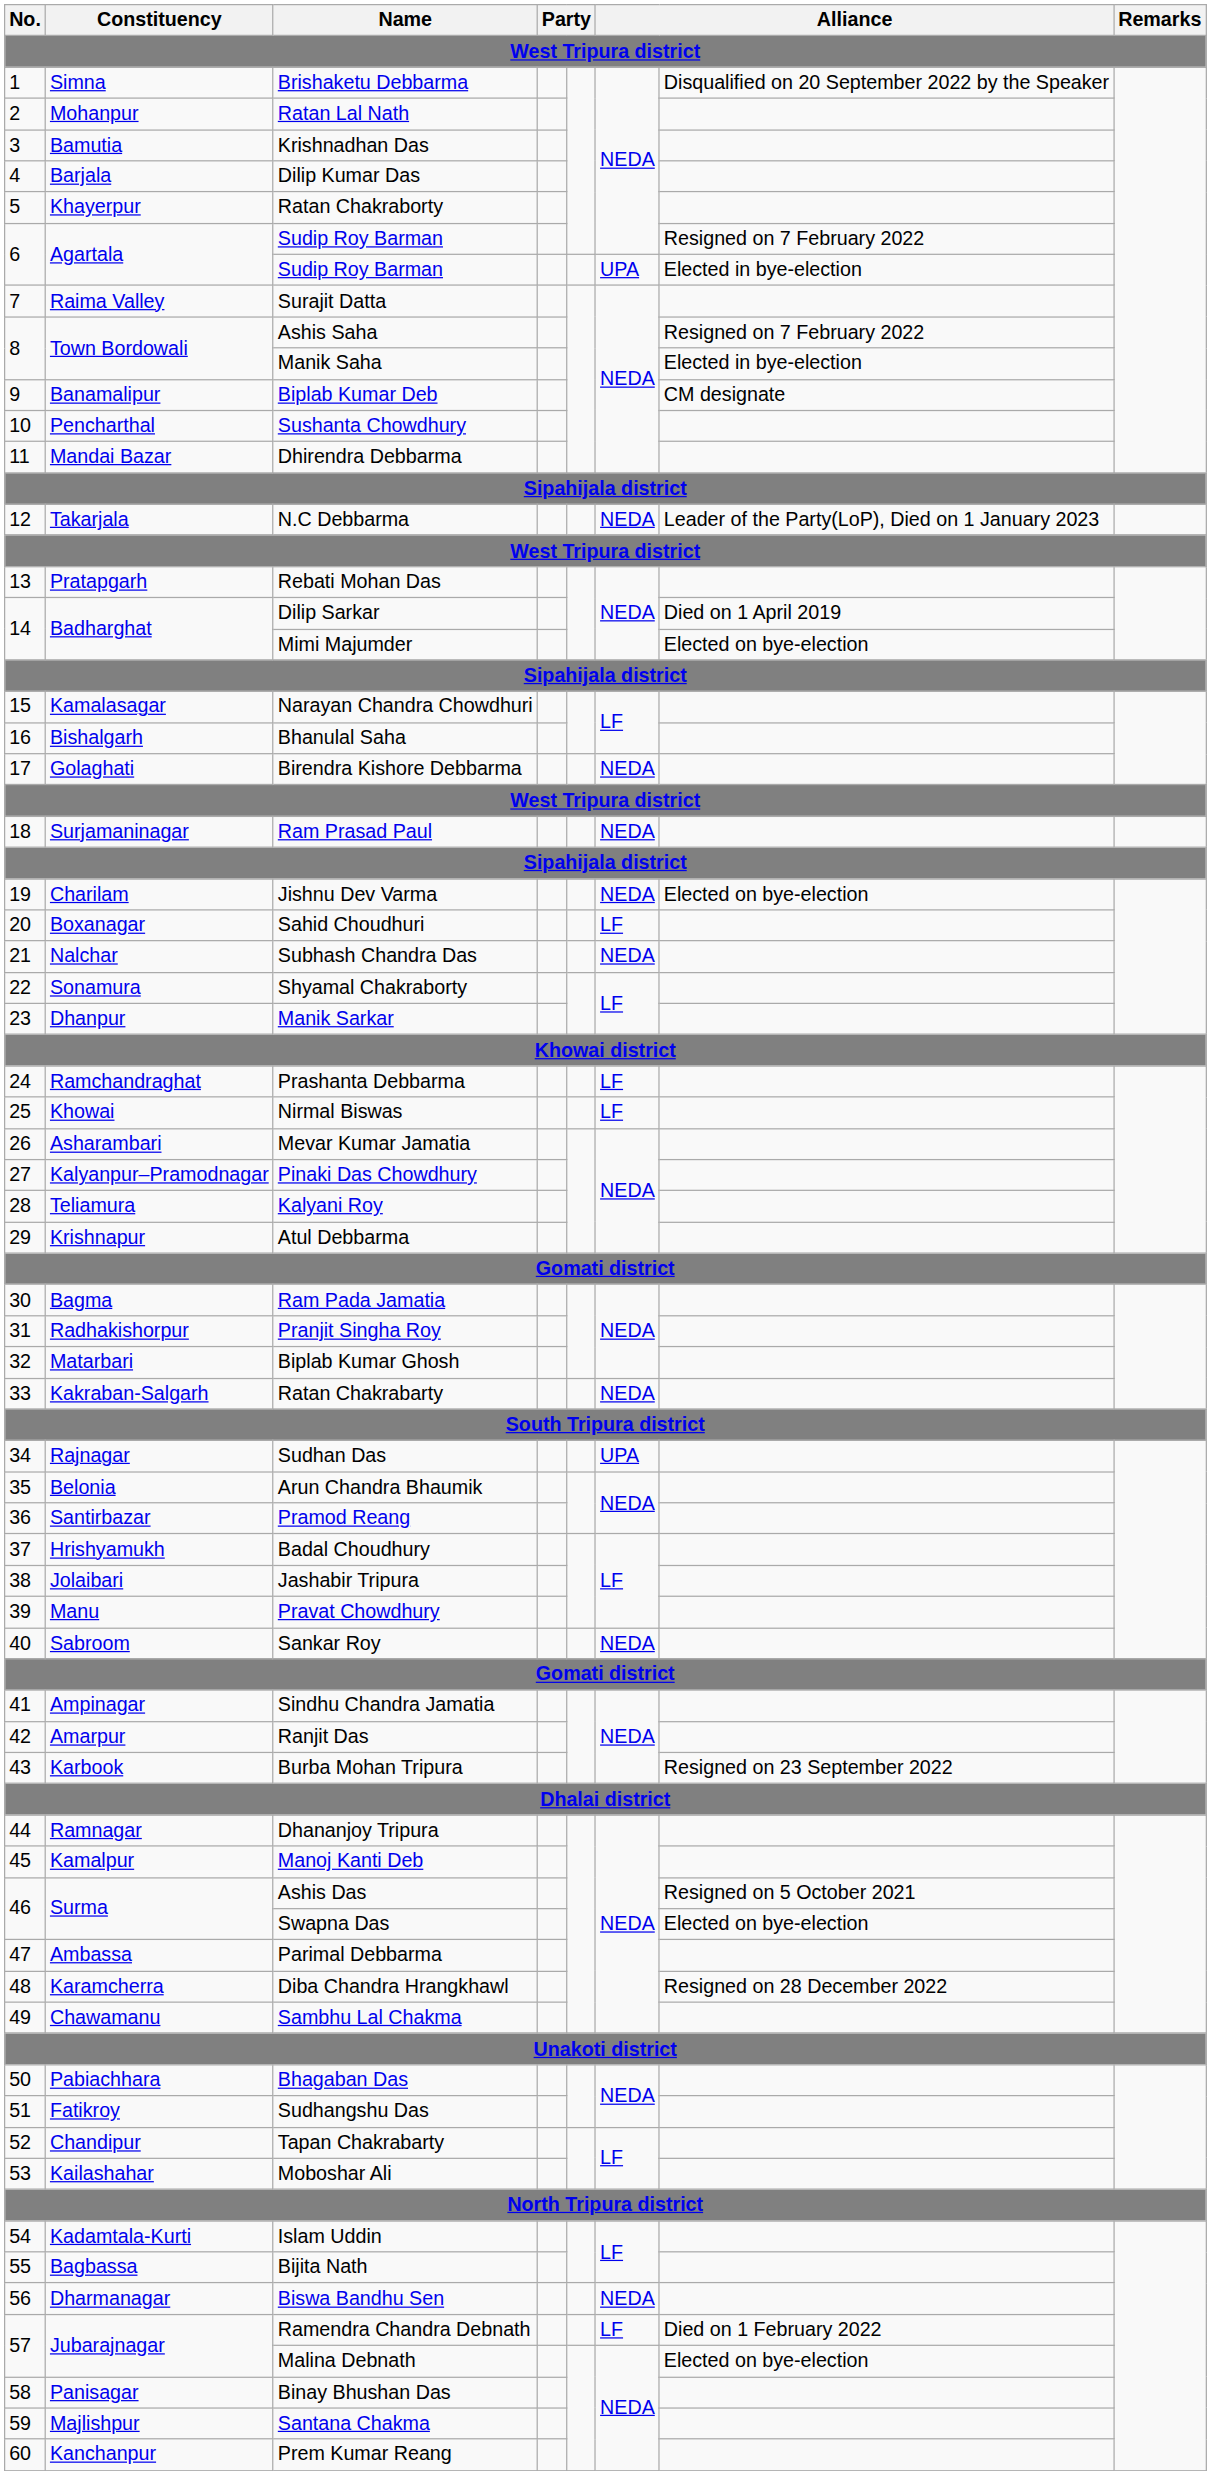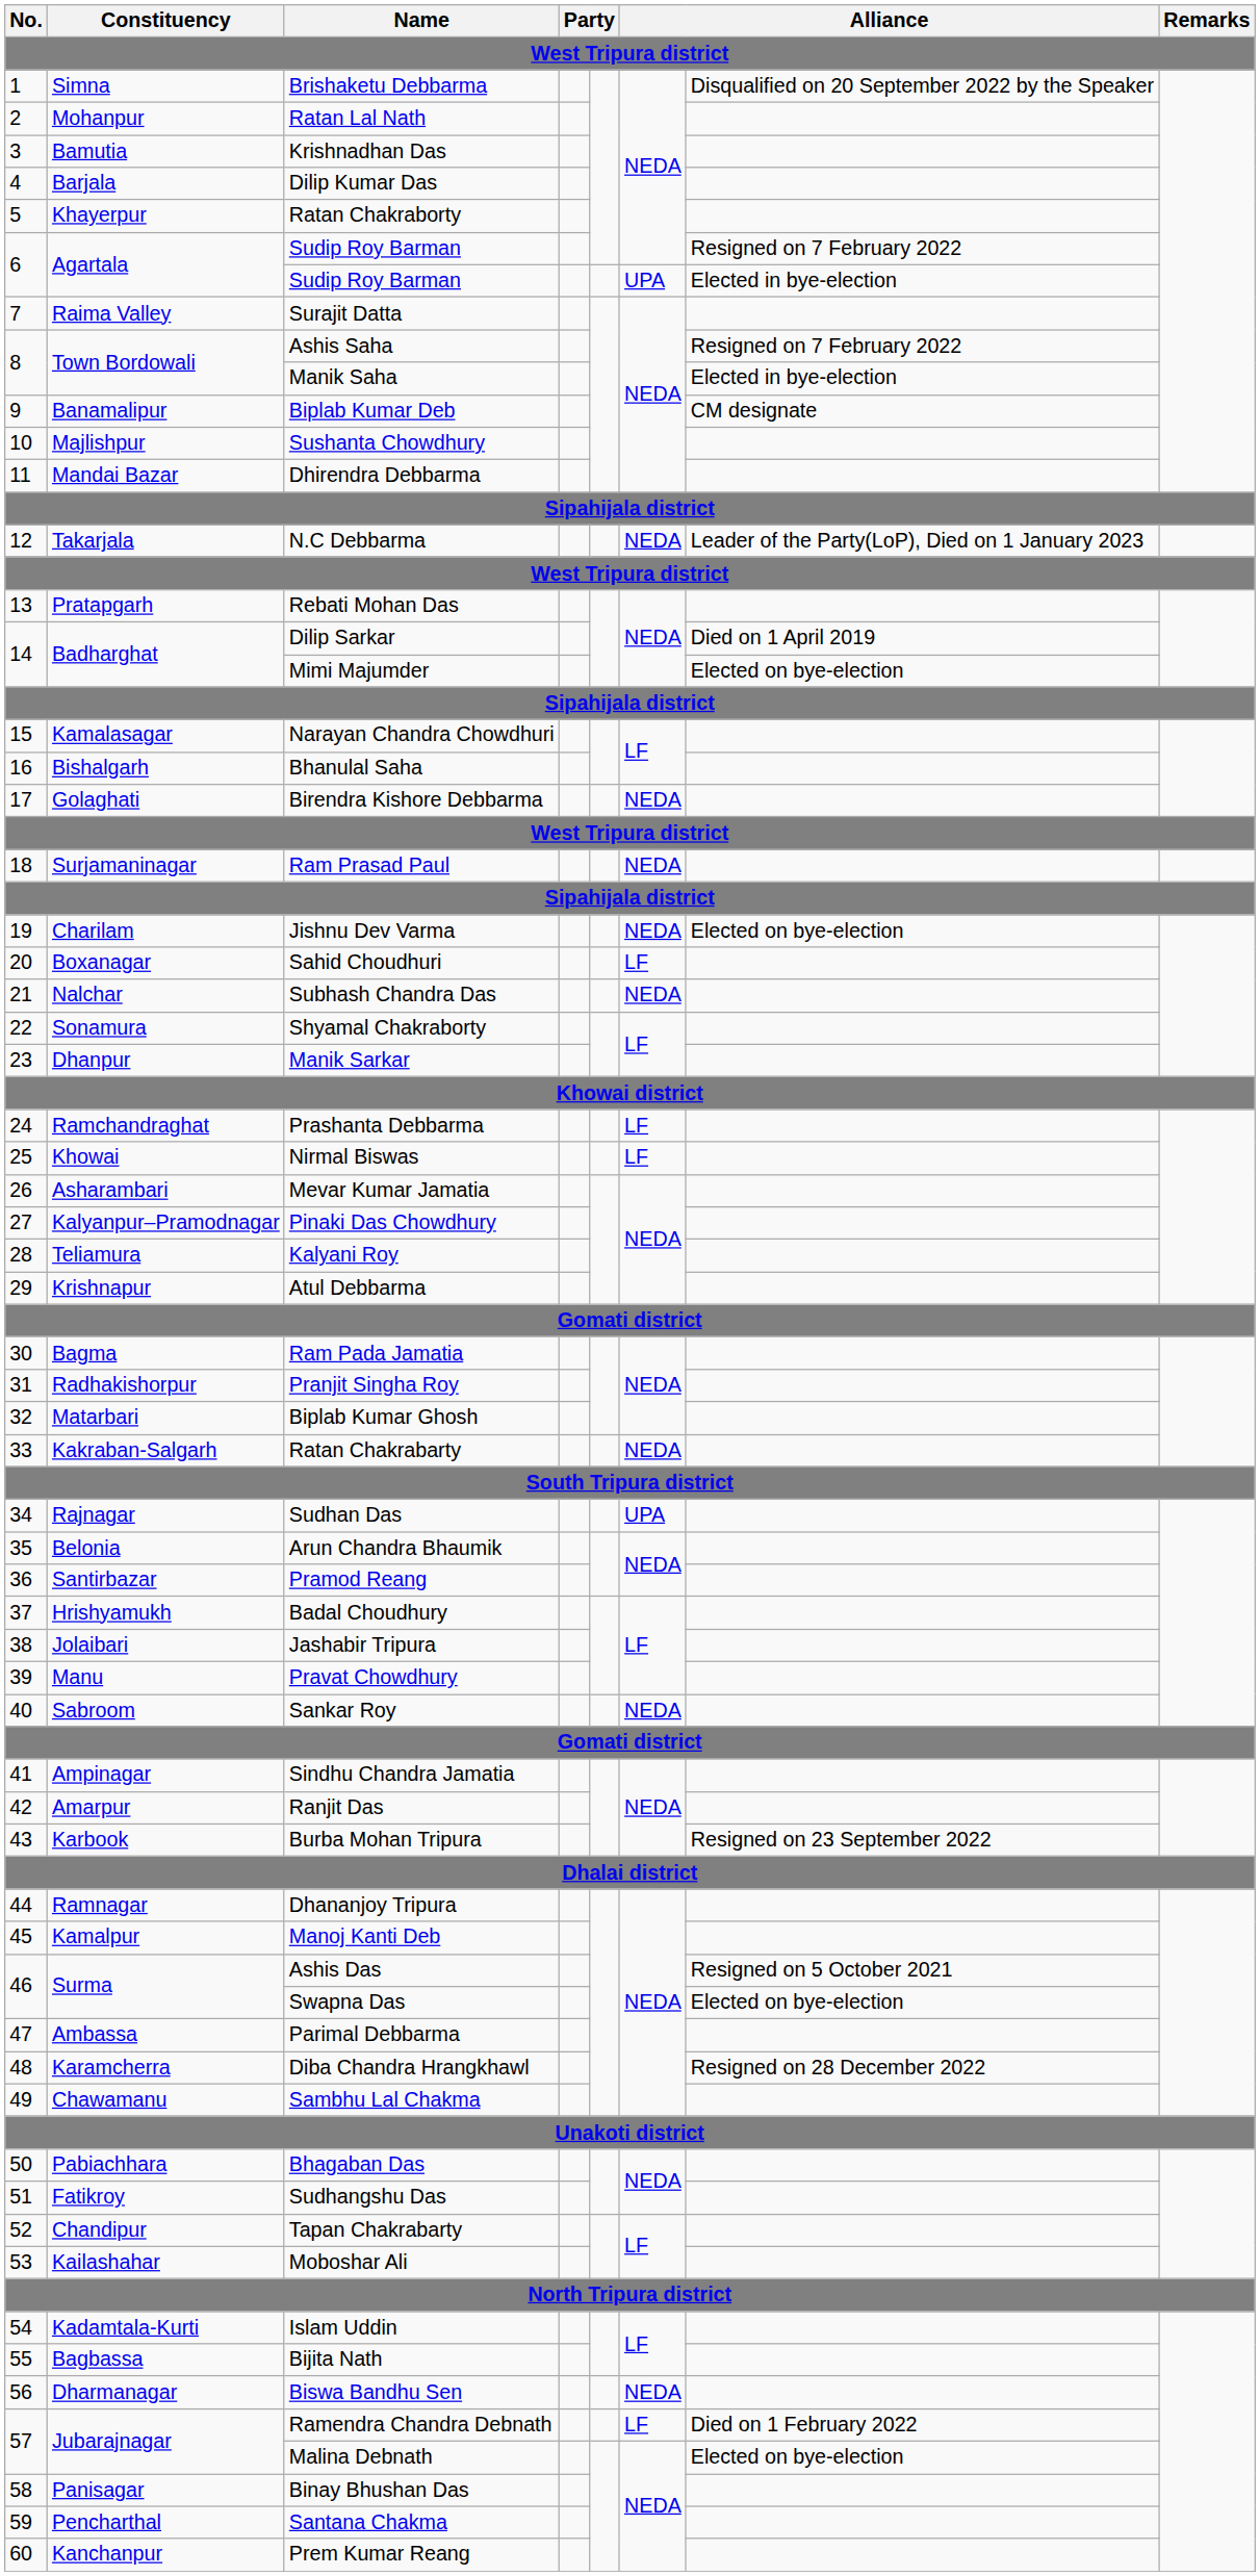 <table class="wikitable sortable">
 <tr>
 <th>No.</th>
 <th>Constituency</th>
 <th>Name</th>
 <th colspan="2">Party</th>
 <th colspan="2">Alliance</th>
 <th>Remarks</th>
 </tr>
 <tr>
 <td colspan="8" align="center" bgcolor="grey"><a href='#'><span><strong>West Tripura district</strong></span></a></td>
 </tr>
 <tr>
 <td>1</td>
 <td><a href='#'>Simna</a></td>
 <td><a href='#'>Brishaketu Debbarma</a></td>
 <td></td>
 <td rowspan="6"></td>
 <td rowspan="6"><a href='#'>NEDA</a></td>
 <td>Disqualified on 20 September 2022 by the Speaker</td>
 </tr>
 <tr>
 <td>2</td>
 <td><a href='#'>Mohanpur</a></td>
 <td><a href='#'>Ratan Lal Nath</a></td>
 <td></td>
 <td></td>
 </tr>
 <tr>
 <td>3</td>
 <td><a href='#'>Bamutia</a></td>
 <td>Krishnadhan Das</td>
 <td></td>
 <td></td>
 </tr>
 <tr>
 <td>4</td>
 <td><a href='#'>Barjala</a></td>
 <td>Dilip Kumar Das</td>
 <td></td>
 <td></td>
 </tr>
 <tr>
 <td>5</td>
 <td><a href='#'>Khayerpur</a></td>
 <td>Ratan Chakraborty</td>
 <td></td>
 <td></td>
 </tr>
 <tr>
 <td rowspan="2">6</td>
 <td rowspan="2"><a href='#'>Agartala</a></td>
 <td><a href='#'>Sudip Roy Barman</a></td>
 <td></td>
 <td>Resigned on 7 February 2022</td>
 </tr>
 <tr>
 <td><a href='#'>Sudip Roy Barman</a></td>
 <td></td>
 <td rowspan="1"></td>
 <td rowspan="1"><a href='#'>UPA</a></td>
 <td>Elected in bye-election</td>
 </tr>
 <tr>
 <td>7</td>
 <td><a href='#'>Raima Valley</a></td>
 <td>Surajit Datta</td>
 <td></td>
 <td rowspan="6"></td>
 <td rowspan="6"><a href='#'>NEDA</a></td>
 <td></td>
 </tr>
 <tr>
 <td rowspan="2">8</td>
 <td rowspan="2"><a href='#'>Town Bordowali</a></td>
 <td>Ashis Saha</td>
 <td></td>
 <td>Resigned on 7 February 2022</td>
 </tr>
 <tr>
 <td>Manik Saha</td>
 <td></td>
 <td>Elected in bye-election</td>
 </tr>
 <tr>
 <td>9</td>
 <td><a href='#'>Banamalipur</a></td>
 <td><a href='#'>Biplab Kumar Deb</a></td>
 <td></td>
 <td>CM designate</td>
 </tr>
 <tr>
 <td>10</td>
-<td><a href='#'>Pencharthal</a></td>
+<td><a href='#'>Majlishpur</a></td>
 <td><a href='#'>Sushanta Chowdhury</a></td>
 <td></td>
 <td></td>
 </tr>
 <tr>
 <td>11</td>
 <td><a href='#'>Mandai Bazar</a></td>
 <td>Dhirendra Debbarma</td>
 <td></td>
 <td></td>
 </tr>
 <tr>
 <td colspan="8" align="center" bgcolor="grey"><a href='#'><span><strong>Sipahijala district</strong></span></a></td>
 </tr>
 <tr>
 <td>12</td>
 <td><a href='#'>Takarjala</a></td>
 <td>N.C Debbarma</td>
 <td></td>
 <td rowspan="1"></td>
 <td rowspan="1"><a href='#'>NEDA</a></td>
 <td>Leader of the Party(LoP), Died on 1 January 2023</td>
 </tr>
 <tr>
 <td colspan="8" align="center" bgcolor="grey"><a href='#'><span><strong>West Tripura district</strong></span></a></td>
 </tr>
 <tr>
 <td>13</td>
 <td><a href='#'>Pratapgarh</a></td>
 <td>Rebati Mohan Das</td>
 <td></td>
 <td rowspan="3"></td>
 <td rowspan="3"><a href='#'>NEDA</a></td>
 <td></td>
 </tr>
 <tr>
 <td rowspan="2">14</td>
 <td rowspan="2"><a href='#'>Badharghat</a></td>
 <td>Dilip Sarkar</td>
 <td></td>
 <td>Died on 1 April 2019</td>
 </tr>
 <tr>
 <td>Mimi Majumder</td>
 <td></td>
 <td>Elected on bye-election</td>
 </tr>
 <tr>
 <td colspan="8" align="center" bgcolor="grey"><a href='#'><span><strong>Sipahijala district</strong></span></a></td>
 </tr>
 <tr>
 <td>15</td>
 <td><a href='#'>Kamalasagar</a></td>
 <td>Narayan Chandra Chowdhuri</td>
 <td></td>
 <td rowspan="2"></td>
 <td rowspan="2"><a href='#'>LF</a></td>
 <td></td>
 </tr>
 <tr>
 <td>16</td>
 <td><a href='#'>Bishalgarh</a></td>
 <td>Bhanulal Saha</td>
 <td></td>
 <td></td>
 </tr>
 <tr>
 <td>17</td>
 <td><a href='#'>Golaghati</a></td>
 <td>Birendra Kishore Debbarma</td>
 <td></td>
 <td rowspan="1"></td>
 <td rowspan="1"><a href='#'>NEDA</a></td>
 <td></td>
 </tr>
 <tr>
 <td colspan="8" align="center" bgcolor="grey"><a href='#'><span><strong>West Tripura district</strong></span></a></td>
 </tr>
 <tr>
 <td>18</td>
 <td><a href='#'>Surjamaninagar</a></td>
 <td><a href='#'>Ram Prasad Paul</a></td>
 <td></td>
 <td rowspan="1"></td>
 <td rowspan="1"><a href='#'>NEDA</a></td>
 <td></td>
 </tr>
 <tr>
 <td colspan="8" align="center" bgcolor="grey"><a href='#'><span><strong>Sipahijala district</strong></span></a></td>
 </tr>
 <tr>
 <td>19</td>
 <td><a href='#'>Charilam</a></td>
 <td>Jishnu Dev Varma</td>
 <td></td>
 <td rowspan="1"></td>
 <td rowspan="1"><a href='#'>NEDA</a></td>
 <td>Elected on bye-election</td>
 </tr>
 <tr>
 <td>20</td>
 <td><a href='#'>Boxanagar</a></td>
 <td>Sahid Choudhuri</td>
 <td></td>
 <td rowspan="1"></td>
 <td rowspan="1"><a href='#'>LF</a></td>
 <td></td>
 </tr>
 <tr>
 <td>21</td>
 <td><a href='#'>Nalchar</a></td>
 <td>Subhash Chandra Das</td>
 <td></td>
 <td rowspan="1"></td>
 <td rowspan="1"><a href='#'>NEDA</a></td>
 <td></td>
 </tr>
 <tr>
 <td>22</td>
 <td><a href='#'>Sonamura</a></td>
 <td>Shyamal Chakraborty</td>
 <td></td>
 <td rowspan="2"></td>
 <td rowspan="2"><a href='#'>LF</a></td>
 <td></td>
 </tr>
 <tr>
 <td>23</td>
 <td><a href='#'>Dhanpur</a></td>
 <td><a href='#'>Manik Sarkar</a></td>
 <td></td>
 <td></td>
 </tr>
 <tr>
 <td colspan="8" align="center" bgcolor="grey"><a href='#'><span><strong>Khowai district</strong></span></a></td>
 </tr>
 <tr>
 <td>24</td>
 <td><a href='#'>Ramchandraghat</a></td>
 <td>Prashanta Debbarma</td>
 <td></td>
 <td rowspan="1"></td>
 <td rowspan="1"><a href='#'>LF</a></td>
 <td></td>
 </tr>
 <tr>
 <td>25</td>
 <td><a href='#'>Khowai</a></td>
 <td>Nirmal Biswas</td>
 <td></td>
 <td rowspan="1"></td>
 <td rowspan="1"><a href='#'>LF</a></td>
 <td></td>
 </tr>
 <tr>
 <td>26</td>
 <td><a href='#'>Asharambari</a></td>
 <td>Mevar Kumar Jamatia</td>
 <td></td>
 <td rowspan="4"></td>
 <td rowspan="4"><a href='#'>NEDA</a></td>
 <td></td>
 </tr>
 <tr>
 <td>27</td>
 <td><a href='#'>Kalyanpur–Pramodnagar</a></td>
 <td><a href='#'>Pinaki Das Chowdhury</a></td>
 <td></td>
 <td></td>
 </tr>
 <tr>
 <td>28</td>
 <td><a href='#'>Teliamura</a></td>
 <td><a href='#'>Kalyani Roy</a></td>
 <td></td>
 <td></td>
 </tr>
 <tr>
 <td>29</td>
 <td><a href='#'>Krishnapur</a></td>
 <td>Atul Debbarma</td>
 <td></td>
 <td></td>
 </tr>
 <tr>
 <td colspan="8" align="center" bgcolor="grey"><a href='#'><span><strong>Gomati district</strong></span></a></td>
 </tr>
 <tr>
 <td>30</td>
 <td><a href='#'>Bagma</a></td>
 <td><a href='#'>Ram Pada Jamatia</a></td>
 <td></td>
 <td rowspan="3"></td>
 <td rowspan="3"><a href='#'>NEDA</a></td>
 <td></td>
 </tr>
 <tr>
 <td>31</td>
 <td><a href='#'>Radhakishorpur</a></td>
 <td><a href='#'>Pranjit Singha Roy</a></td>
 <td></td>
 <td></td>
 </tr>
 <tr>
 <td>32</td>
 <td><a href='#'>Matarbari</a></td>
 <td>Biplab Kumar Ghosh</td>
 <td></td>
 <td></td>
 </tr>
 <tr>
 <td>33</td>
 <td><a href='#'>Kakraban-Salgarh</a></td>
 <td>Ratan Chakrabarty</td>
 <td></td>
 <td rowspan="1"></td>
 <td rowspan="1"><a href='#'>NEDA</a></td>
 <td></td>
 </tr>
 <tr>
 <td colspan="8" align="center" bgcolor="grey"><a href='#'><span><strong>South Tripura district</strong></span></a></td>
 </tr>
 <tr>
 <td>34</td>
 <td><a href='#'>Rajnagar</a></td>
 <td>Sudhan Das</td>
 <td></td>
 <td rowspan="1"></td>
 <td rowspan="1"><a href='#'>UPA</a></td>
 <td></td>
 </tr>
 <tr>
 <td>35</td>
 <td><a href='#'>Belonia</a></td>
 <td>Arun Chandra Bhaumik</td>
 <td></td>
 <td rowspan="2"></td>
 <td rowspan="2"><a href='#'>NEDA</a></td>
 <td></td>
 </tr>
 <tr>
 <td>36</td>
 <td><a href='#'>Santirbazar</a></td>
 <td><a href='#'>Pramod Reang</a></td>
 <td></td>
 <td></td>
 </tr>
 <tr>
 <td>37</td>
 <td><a href='#'>Hrishyamukh</a></td>
 <td>Badal Choudhury</td>
 <td></td>
 <td rowspan="3"></td>
 <td rowspan="3"><a href='#'>LF</a></td>
 <td></td>
 </tr>
 <tr>
 <td>38</td>
 <td><a href='#'>Jolaibari</a></td>
 <td>Jashabir Tripura</td>
 <td></td>
 <td></td>
 </tr>
 <tr>
 <td>39</td>
 <td><a href='#'>Manu</a></td>
 <td><a href='#'>Pravat Chowdhury</a></td>
 <td></td>
 <td></td>
 </tr>
 <tr>
 <td>40</td>
 <td><a href='#'>Sabroom</a></td>
 <td>Sankar Roy</td>
 <td></td>
 <td rowspan="1"></td>
 <td rowspan="1"><a href='#'>NEDA</a></td>
 <td></td>
 </tr>
 <tr>
 <td colspan="8" align="center" bgcolor="grey"><a href='#'><span><strong>Gomati district</strong></span></a></td>
 </tr>
 <tr>
 <td>41</td>
 <td><a href='#'>Ampinagar</a></td>
 <td>Sindhu Chandra Jamatia</td>
 <td></td>
 <td rowspan="3"></td>
 <td rowspan="3"><a href='#'>NEDA</a></td>
 <td></td>
 </tr>
 <tr>
 <td>42</td>
 <td><a href='#'>Amarpur</a></td>
 <td>Ranjit Das</td>
 <td></td>
 <td></td>
 </tr>
 <tr>
 <td>43</td>
 <td><a href='#'>Karbook</a></td>
 <td>Burba Mohan Tripura</td>
 <td></td>
 <td>Resigned on 23 September 2022</td>
 </tr>
 <tr>
 <td colspan="8" align="center" bgcolor="grey"><a href='#'><span><strong>Dhalai district</strong></span></a></td>
 </tr>
 <tr>
 <td>44</td>
 <td><a href='#'>Ramnagar</a></td>
 <td>Dhananjoy Tripura</td>
 <td></td>
 <td rowspan="7"></td>
 <td rowspan="7"><a href='#'>NEDA</a></td>
 <td></td>
 </tr>
 <tr>
 <td>45</td>
 <td><a href='#'>Kamalpur</a></td>
 <td><a href='#'>Manoj Kanti Deb</a></td>
 <td></td>
 <td></td>
 </tr>
 <tr>
 <td rowspan="2">46</td>
 <td rowspan="2"><a href='#'>Surma</a></td>
 <td>Ashis Das</td>
 <td></td>
 <td>Resigned on 5 October 2021</td>
 </tr>
 <tr>
 <td>Swapna Das</td>
 <td></td>
 <td>Elected on bye-election</td>
 </tr>
 <tr>
 <td>47</td>
 <td><a href='#'>Ambassa</a></td>
 <td>Parimal Debbarma</td>
 <td></td>
 <td></td>
 </tr>
 <tr>
 <td>48</td>
 <td><a href='#'>Karamcherra</a></td>
 <td>Diba Chandra Hrangkhawl</td>
 <td></td>
 <td>Resigned on 28 December 2022</td>
 </tr>
 <tr>
 <td>49</td>
 <td><a href='#'>Chawamanu</a></td>
 <td><a href='#'>Sambhu Lal Chakma</a></td>
 <td></td>
 <td></td>
 </tr>
 <tr>
 <td colspan="8" align="center" bgcolor="grey"><a href='#'><span><strong>Unakoti district</strong></span></a></td>
 </tr>
 <tr>
 <td>50</td>
 <td><a href='#'>Pabiachhara</a></td>
 <td><a href='#'>Bhagaban Das</a></td>
 <td></td>
 <td rowspan="2"></td>
 <td rowspan="2"><a href='#'>NEDA</a></td>
 <td></td>
 </tr>
 <tr>
 <td>51</td>
 <td><a href='#'>Fatikroy</a></td>
 <td>Sudhangshu Das</td>
 <td></td>
 <td></td>
 </tr>
 <tr>
 <td>52</td>
 <td><a href='#'>Chandipur</a></td>
 <td>Tapan Chakrabarty</td>
 <td></td>
 <td rowspan="2"></td>
 <td rowspan="2"><a href='#'>LF</a></td>
 <td></td>
 </tr>
 <tr>
 <td>53</td>
 <td><a href='#'>Kailashahar</a></td>
 <td>Moboshar Ali</td>
 <td></td>
 <td></td>
 </tr>
 <tr>
 <td colspan="8" align="center" bgcolor="grey"><a href='#'><span><strong>North Tripura district</strong></span></a></td>
 </tr>
 <tr>
 <td>54</td>
 <td><a href='#'>Kadamtala-Kurti</a></td>
 <td>Islam Uddin</td>
 <td></td>
 <td rowspan="2"></td>
 <td rowspan="2"><a href='#'>LF</a></td>
 <td></td>
 </tr>
 <tr>
 <td>55</td>
 <td><a href='#'>Bagbassa</a></td>
 <td>Bijita Nath</td>
 <td></td>
 <td></td>
 </tr>
 <tr>
 <td>56</td>
 <td><a href='#'>Dharmanagar</a></td>
 <td><a href='#'>Biswa Bandhu Sen</a></td>
 <td></td>
 <td rowspan="1"></td>
 <td rowspan="1"><a href='#'>NEDA</a></td>
 <td></td>
 </tr>
 <tr>
 <td rowspan="2">57</td>
 <td rowspan="2"><a href='#'>Jubarajnagar</a></td>
 <td>Ramendra Chandra Debnath</td>
 <td></td>
 <td rowspan="1"></td>
 <td rowspan="1"><a href='#'>LF</a></td>
 <td>Died on 1 February 2022</td>
 </tr>
 <tr>
 <td>Malina Debnath</td>
 <td></td>
 <td rowspan="4"></td>
 <td rowspan="4"><a href='#'>NEDA</a></td>
 <td>Elected on bye-election</td>
 </tr>
 <tr>
 <td>58</td>
 <td><a href='#'>Panisagar</a></td>
 <td>Binay Bhushan Das</td>
 <td></td>
 <td></td>
 </tr>
 <tr>
 <td>59</td>
-<td><a href='#'>Majlishpur</a></td>
+<td><a href='#'>Pencharthal</a></td>
 <td><a href='#'>Santana Chakma</a></td>
 <td></td>
 <td></td>
 </tr>
 <tr>
 <td>60</td>
 <td><a href='#'>Kanchanpur</a></td>
 <td>Prem Kumar Reang</td>
 <td></td>
 <td></td>
 </tr>
 </table>
